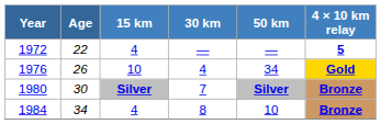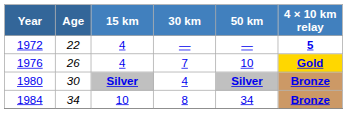 <table class="wikitable" style="font-size:95%; text-align:center; border:grey solid 1px; border-collapse:collapse; background:#ffffff;">
 <tr>
 <th style="background-color:#369; color:white; width:60px;"> Year </th>
 <th style="background-color:#369; color:white; width:40px;"> Age </th>
 <th style="background-color:#4180be; color:white; width:75px;"> 15 km </th>
 <th style="background-color:#4180be; color:white; width:75px;"> 30 km </th>
 <th style="background-color:#4180be; color:white; width:75px;"> 50 km </th>
 <th style="background-color:#4180be; color:white; width:75px;"> 4 × 10 km <br> relay </th>
 </tr>
 <tr>
 <td><a href='#'>1972</a></td>
 <td><em>22</em></td>
 <td><a href='#'>4</a></td>
 <td><a href='#'>—</a></td>
 <td><a href='#'>—</a></td>
 <td><strong><a href='#'>5</a></strong></td>
 </tr>
 <tr>
 <td><a href='#'>1976</a></td>
 <td><em>26</em></td>
+<td><a href='#'>4</a></td>
+<td><a href='#'>7</a></td>
 <td><a href='#'>10</a></td>
-<td><a href='#'>4</a></td>
-<td><a href='#'>34</a></td>
 <td style="background:gold;"><a href='#'><strong>Gold</strong></a></td>
 </tr>
 <tr>
 <td><a href='#'>1980</a></td>
 <td><em>30</em></td>
 <td style="background:silver;"><a href='#'><strong>Silver</strong></a></td>
-<td><a href='#'>7</a></td>
+<td><a href='#'>4</a></td>
 <td style="background:silver;"><a href='#'><strong>Silver</strong></a></td>
 <td bgcolor="cc9966"><a href='#'><strong>Bronze</strong></a></td>
 </tr>
 <tr>
 <td><a href='#'>1984</a></td>
 <td><em>34</em></td>
-<td><a href='#'>4</a></td>
+<td><a href='#'>10</a></td>
 <td><a href='#'>8</a></td>
-<td><a href='#'>10</a></td>
+<td><a href='#'>34</a></td>
 <td bgcolor="cc9966"><a href='#'><strong>Bronze</strong></a></td>
 </tr>
 <tr>
 </tr>
 </table>
